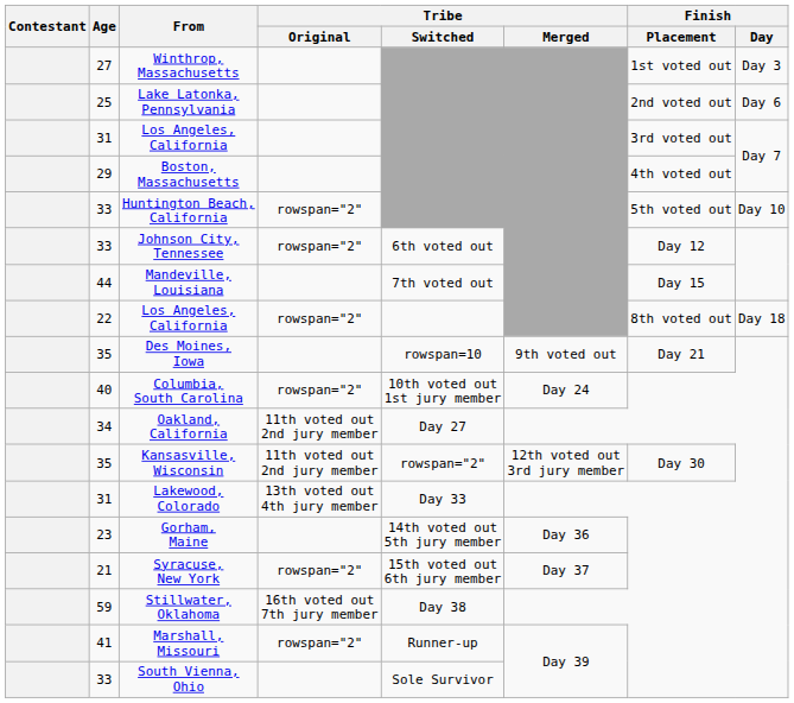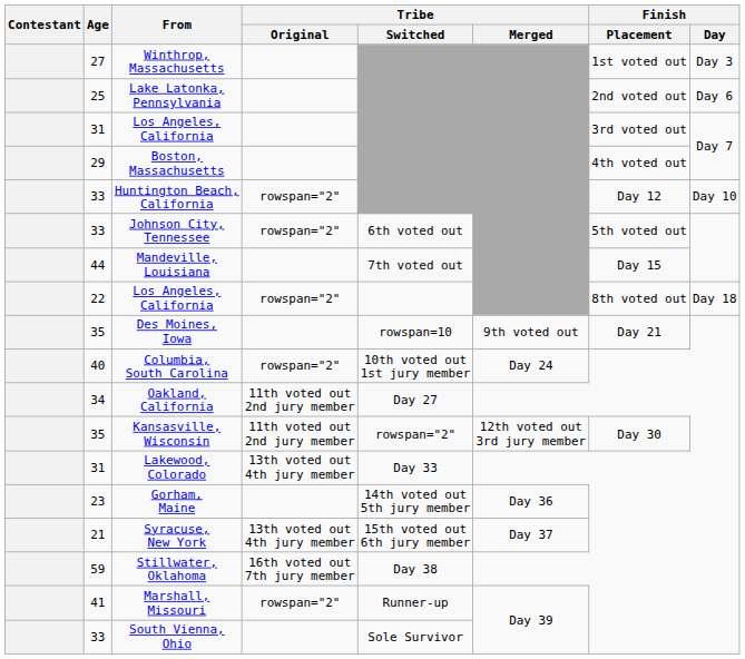 <table class="wikitable sortable" style="margin:auto; text-align:center">
 <tr>
 <th rowspan="2" scope="col">Contestant</th>
 <th rowspan="2" scope="col">Age</th>
 <th rowspan="2" scope="col" class=unsortable>From</th>
 <th colspan="3" scope="colgroup">Tribe</th>
 <th colspan="2" scope="colgroup">Finish</th>
 </tr>
 <tr>
 <th scope="col">Original</th>
 <th scope="col">Switched</th>
 <th scope="col" class=unsortable>Merged</th>
 <th scope="col" class=unsortable>Placement</th>
 <th scope="col" class=unsortable>Day</th>
 </tr>
 <tr>
 <th scope="row" style=text-align:left></th>
 <td>27</td>
 <td><a href='#'>Winthrop,<br>Massachusetts</a></td>
 <td></td>
 <td style="background:darkgrey;" rowspan="5"></td>
 <td style="background:darkgrey;" rowspan="8"></td>
 <td>1st voted out</td>
 <td>Day 3</td>
 </tr>
 <tr>
 <th scope="row" style=text-align:left></th>
 <td>25</td>
 <td><a href='#'>Lake Latonka,<br>Pennsylvania</a></td>
 <td></td>
 <td>2nd voted out</td>
 <td>Day 6</td>
 </tr>
 <tr>
 <th scope="row" style=text-align:left></th>
 <td>31</td>
 <td><a href='#'>Los Angeles,<br>California</a></td>
 <td></td>
 <td>3rd voted out</td>
 <td rowspan="2">Day 7</td>
 </tr>
 <tr>
 <th scope="row" style=text-align:left></th>
 <td>29</td>
 <td><a href='#'>Boston,<br>Massachusetts</a></td>
 <td></td>
 <td>4th voted out</td>
 </tr>
 <tr>
 <th scope="row" style=text-align:left></th>
 <td>33</td>
 <td><a href='#'>Huntington Beach,<br>California</a></td>
 <td>rowspan="2" </td>
-<td>5th voted out</td>
+<td>Day 12</td>
 <td>Day 10</td>
 </tr>
 <tr>
 <th scope="row" style=text-align:left></th>
 <td>33</td>
 <td><a href='#'>Johnson City,<br>Tennessee</a></td>
 <td>rowspan="2" </td>
 <td>6th voted out</td>
-<td>Day 12</td>
+<td>5th voted out</td>
 </tr>
 <tr>
 <th scope="row" style=text-align:left></th>
 <td>44</td>
 <td><a href='#'>Mandeville,<br>Louisiana</a></td>
 <td></td>
 <td>7th voted out</td>
 <td>Day 15</td>
 </tr>
 <tr>
 <th scope="row" style=text-align:left></th>
 <td>22</td>
 <td><a href='#'>Los Angeles,<br>California</a></td>
 <td>rowspan="2" </td>
 <td></td>
 <td>8th voted out</td>
 <td>Day 18</td>
 </tr>
 <tr>
 <th scope="row" style=text-align:left></th>
 <td>35</td>
 <td><a href='#'>Des Moines,<br>Iowa</a></td>
 <td></td>
 <td>rowspan=10 </td>
 <td>9th voted out</td>
 <td>Day 21</td>
 </tr>
 <tr>
 <th scope="row" style=text-align:left></th>
 <td>40</td>
 <td><a href='#'>Columbia,<br>South Carolina</a></td>
 <td>rowspan="2" </td>
 <td>10th voted out<br>1st jury member</td>
 <td>Day 24</td>
 </tr>
 <tr>
 <th scope="row" style=text-align:left></th>
 <td>34</td>
 <td><a href='#'>Oakland,<br>California</a></td>
 <td>11th voted out<br>2nd jury member</td>
 <td>Day 27</td>
 </tr>
 <tr>
 <th scope="row" style=text-align:left></th>
 <td>35</td>
 <td><a href='#'>Kansasville,<br>Wisconsin</a></td>
 <td>11th voted out<br>2nd jury member</td>
 <td>rowspan="2" </td>
 <td>12th voted out<br>3rd jury member</td>
 <td>Day 30</td>
 </tr>
 <tr>
 <th scope="row" style=text-align:left></th>
 <td>31</td>
 <td><a href='#'>Lakewood,<br>Colorado</a></td>
 <td>13th voted out<br>4th jury member</td>
 <td>Day 33</td>
 </tr>
 <tr>
 <th scope="row" style=text-align:left></th>
 <td>23</td>
 <td><a href='#'>Gorham,<br>Maine</a></td>
 <td></td>
 <td>14th voted out<br>5th jury member</td>
 <td>Day 36</td>
 </tr>
 <tr>
 <th scope="row" style=text-align:left></th>
 <td>21</td>
 <td><a href='#'>Syracuse,<br>New York</a></td>
-<td>rowspan="2" </td>
+<td>13th voted out<br>4th jury member</td>
 <td>15th voted out<br>6th jury member</td>
 <td>Day 37</td>
 </tr>
 <tr>
 <th scope="row" style=text-align:left></th>
 <td>59</td>
 <td><a href='#'>Stillwater,<br>Oklahoma</a></td>
 <td>16th voted out<br>7th jury member</td>
 <td>Day 38</td>
 </tr>
 <tr>
 <th scope="row" style=text-align:left></th>
 <td>41</td>
 <td><a href='#'>Marshall,<br>Missouri</a></td>
 <td>rowspan="2" </td>
 <td>Runner-up</td>
 <td rowspan="2">Day 39</td>
 </tr>
 <tr>
 <th scope="row" style=text-align:left></th>
 <td>33</td>
 <td><a href='#'>South Vienna,<br>Ohio</a></td>
 <td></td>
 <td>Sole Survivor</td>
 </tr>
 </table>
